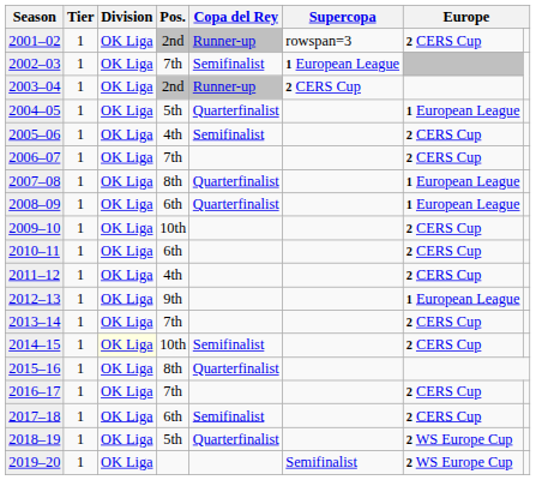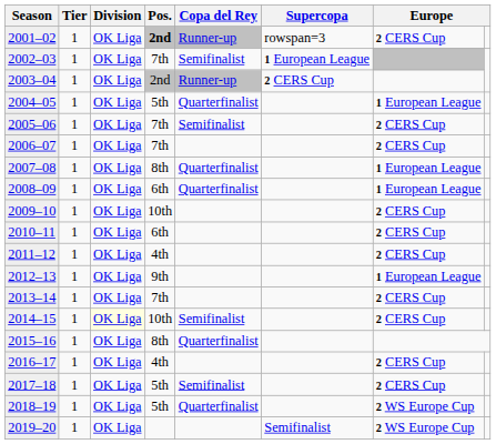 <table class="wikitable">
 <tr>
 <th>Season</th>
 <th>Tier</th>
 <th>Division</th>
 <th>Pos.</th>
 <th><a href='#'>Copa del Rey</a></th>
 <th><a href='#'>Supercopa</a></th>
 <th colspan=2>Europe</th>
 </tr>
 <tr>
 <td style="background:#efefef;"><a href='#'>2001–02</a></td>
 <td align="center">1</td>
 <td><a href='#'>OK Liga</a></td>
-<td bgcolor=silver align="center">2nd</td>
+<td bgcolor=silver align="center"><strong>2nd</strong></td>
 <td bgcolor=silver><a href='#'>Runner-up</a></td>
 <td>rowspan=3 </td>
 <td><small><strong>2</strong></small> <a href='#'>CERS Cup</a></td>
 <td align=center></td>
 </tr>
 <tr>
 <td style="background:#efefef;"><a href='#'>2002–03</a></td>
 <td align="center">1</td>
 <td><a href='#'>OK Liga</a></td>
 <td align="center">7th</td>
 <td><a href='#'>Semifinalist</a></td>
 <td><small><strong>1</strong></small> <a href='#'>European League</a></td>
 <td bgcolor=silver align=center></td>
 </tr>
 <tr>
 <td style="background:#efefef;"><a href='#'>2003–04</a></td>
 <td align="center">1</td>
 <td><a href='#'>OK Liga</a></td>
 <td align="center" bgcolor=silver>2nd</td>
 <td bgcolor=silver><a href='#'>Runner-up</a></td>
 <td><small><strong>2</strong></small> <a href='#'>CERS Cup</a></td>
 <td align=center></td>
 </tr>
 <tr>
 <td style="background:#efefef;"><a href='#'>2004–05</a></td>
 <td align="center">1</td>
 <td><a href='#'>OK Liga</a></td>
 <td align="center">5th</td>
 <td><a href='#'>Quarterfinalist</a></td>
 <td></td>
 <td><small><strong>1</strong></small> <a href='#'>European League</a></td>
 <td align=center></td>
 </tr>
 <tr>
 <td style="background:#efefef;"><a href='#'>2005–06</a></td>
 <td align="center">1</td>
 <td><a href='#'>OK Liga</a></td>
-<td align="center">4th</td>
+<td align="center">7th</td>
 <td><a href='#'>Semifinalist</a></td>
 <td></td>
 <td><small><strong>2</strong></small> <a href='#'>CERS Cup</a></td>
 <td align=center></td>
 </tr>
 <tr>
 <td style="background:#efefef;"><a href='#'>2006–07</a></td>
 <td align="center">1</td>
 <td><a href='#'>OK Liga</a></td>
 <td align="center">7th</td>
 <td></td>
 <td></td>
 <td><small><strong>2</strong></small> <a href='#'>CERS Cup</a></td>
 <td align=center></td>
 </tr>
 <tr>
 <td style="background:#efefef;"><a href='#'>2007–08</a></td>
 <td align="center">1</td>
 <td><a href='#'>OK Liga</a></td>
 <td align="center">8th</td>
 <td><a href='#'>Quarterfinalist</a></td>
 <td></td>
 <td><small><strong>1</strong></small> <a href='#'>European League</a></td>
 <td align=center></td>
 </tr>
 <tr>
 <td style="background:#efefef;"><a href='#'>2008–09</a></td>
 <td align="center">1</td>
 <td><a href='#'>OK Liga</a></td>
 <td align="center">6th</td>
 <td><a href='#'>Quarterfinalist</a></td>
 <td></td>
 <td><small><strong>1</strong></small> <a href='#'>European League</a></td>
 <td align=center></td>
 </tr>
 <tr>
 <td style="background:#efefef;"><a href='#'>2009–10</a></td>
 <td align="center">1</td>
 <td><a href='#'>OK Liga</a></td>
 <td align="center">10th</td>
 <td></td>
 <td></td>
 <td><small><strong>2</strong></small> <a href='#'>CERS Cup</a></td>
 <td align=center></td>
 </tr>
 <tr>
 <td style="background:#efefef;"><a href='#'>2010–11</a></td>
 <td align="center">1</td>
 <td><a href='#'>OK Liga</a></td>
 <td align="center">6th</td>
 <td></td>
 <td></td>
 <td><small><strong>2</strong></small> <a href='#'>CERS Cup</a></td>
 <td align=center></td>
 </tr>
 <tr>
 <td style="background:#efefef;"><a href='#'>2011–12</a></td>
 <td align="center">1</td>
 <td><a href='#'>OK Liga</a></td>
 <td align="center">4th</td>
 <td></td>
 <td></td>
 <td><small><strong>2</strong></small> <a href='#'>CERS Cup</a></td>
 <td align=center></td>
 </tr>
 <tr>
 <td style="background:#efefef;"><a href='#'>2012–13</a></td>
 <td align="center">1</td>
 <td><a href='#'>OK Liga</a></td>
 <td align="center">9th</td>
 <td></td>
 <td></td>
 <td><small><strong>1</strong></small> <a href='#'>European League</a></td>
 <td align=center></td>
 </tr>
 <tr>
 <td style="background:#efefef;"><a href='#'>2013–14</a></td>
 <td align="center">1</td>
 <td><a href='#'>OK Liga</a></td>
 <td align="center">7th</td>
 <td></td>
 <td></td>
 <td><small><strong>2</strong></small> <a href='#'>CERS Cup</a></td>
 <td align=center></td>
 </tr>
 <tr>
 <td style="background:#efefef;"><a href='#'>2014–15</a></td>
 <td align="center">1</td>
 <td style="background: lightyellow;"><a href='#'>OK Liga</a></td>
 <td align="center">10th</td>
 <td><a href='#'>Semifinalist</a></td>
 <td></td>
 <td><small><strong>2</strong></small> <a href='#'>CERS Cup</a></td>
 <td align=center></td>
 </tr>
 <tr>
 <td style="background:#efefef;"><a href='#'>2015–16</a></td>
 <td align="center">1</td>
 <td><a href='#'>OK Liga</a></td>
 <td align="center">8th</td>
 <td><a href='#'>Quarterfinalist</a></td>
 <td></td>
 <td colspan=2></td>
 </tr>
 <tr>
 <td style="background:#efefef;"><a href='#'>2016–17</a></td>
 <td align="center">1</td>
 <td><a href='#'>OK Liga</a></td>
-<td align="center">7th</td>
+<td align="center">4th</td>
 <td></td>
 <td></td>
 <td><small><strong>2</strong></small> <a href='#'>CERS Cup</a></td>
 <td align=center></td>
 </tr>
 <tr>
 <td style="background:#efefef;"><a href='#'>2017–18</a></td>
 <td align="center">1</td>
 <td><a href='#'>OK Liga</a></td>
-<td align=center>6th</td>
+<td align=center>5th</td>
 <td><a href='#'>Semifinalist</a></td>
 <td></td>
 <td><small><strong>2</strong></small> <a href='#'>CERS Cup</a></td>
 <td align=center></td>
 </tr>
 <tr>
 <td style="background:#efefef;"><a href='#'>2018–19</a></td>
 <td align="center">1</td>
 <td><a href='#'>OK Liga</a></td>
 <td align=center>5th</td>
 <td><a href='#'>Quarterfinalist</a></td>
 <td></td>
 <td><small><strong>2</strong></small> <a href='#'>WS Europe Cup</a></td>
 <td align=center></td>
 </tr>
 <tr>
 <td style="background:#efefef;"><a href='#'>2019–20</a></td>
 <td align="center">1</td>
 <td><a href='#'>OK Liga</a></td>
 <td align=center></td>
 <td></td>
 <td><a href='#'>Semifinalist</a></td>
 <td><small><strong>2</strong></small> <a href='#'>WS Europe Cup</a></td>
 <td align=center></td>
 </tr>
 </table>
